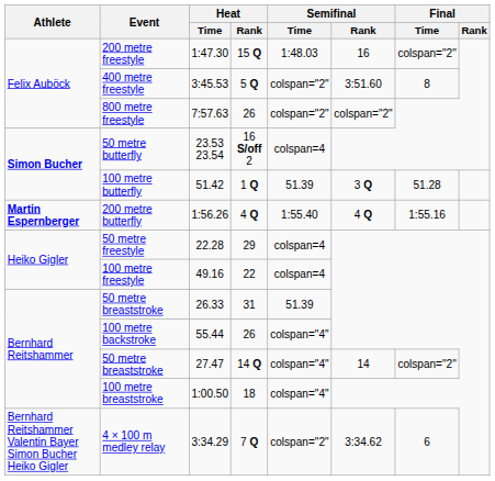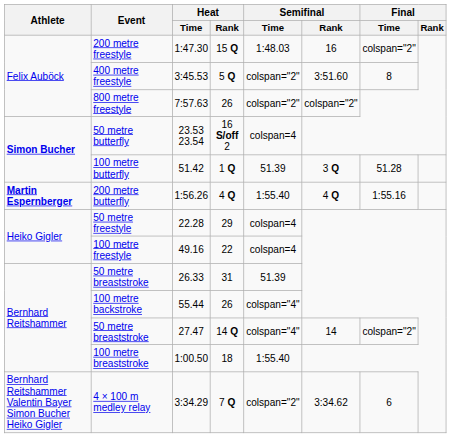 <table class="wikitable" style="text-align:center; font-size:90%; width:50%;">
 <tr>
 <th rowspan="2">Athlete</th>
 <th rowspan="2">Event</th>
 <th colspan="2">Heat</th>
 <th colspan="2">Semifinal</th>
 <th colspan="2">Final</th>
 </tr>
 <tr style="font-size:95%">
 <th>Time</th>
 <th>Rank</th>
 <th>Time</th>
 <th>Rank</th>
 <th>Time</th>
 <th>Rank</th>
 </tr>
 <tr align=center>
 <td align=left rowspan="3"><a href='#'>Felix Auböck</a></td>
 <td align=left><a href='#'>200 metre freestyle</a></td>
 <td>1:47.30</td>
 <td>15 <strong>Q</strong></td>
 <td>1:48.03</td>
 <td>16</td>
 <td>colspan="2" </td>
 </tr>
 <tr align=center>
 <td align=left><a href='#'>400 metre freestyle</a></td>
 <td>3:45.53</td>
 <td>5 <strong>Q</strong></td>
 <td>colspan="2" </td>
 <td>3:51.60</td>
 <td>8</td>
 </tr>
 <tr align=center>
 <td align=left><a href='#'>800 metre freestyle</a></td>
 <td>7:57.63</td>
 <td>26</td>
 <td>colspan="2" </td>
 <td>colspan="2" </td>
 </tr>
 <tr align=center>
 <td align=left rowspan="2"><strong><a href='#'>Simon Bucher</a></strong></td>
 <td align=left><a href='#'>50 metre butterfly</a></td>
 <td>23.53<br>23.54</td>
 <td>16 <strong>S/off</strong><br>2</td>
 <td>colspan=4 </td>
 </tr>
 <tr align=center>
 <td align=left><a href='#'>100 metre butterfly</a></td>
 <td>51.42</td>
 <td>1 <strong>Q</strong></td>
 <td>51.39</td>
 <td>3 <strong>Q</strong></td>
 <td>51.28</td>
 <td></td>
 </tr>
 <tr>
 <td align=left><strong><a href='#'>Martin Espernberger</a></strong></td>
 <td align=left><a href='#'>200 metre butterfly</a></td>
 <td>1:56.26</td>
 <td>4 <strong>Q</strong></td>
 <td>1:55.40</td>
 <td>4 <strong>Q</strong></td>
 <td>1:55.16</td>
 <td></td>
 </tr>
 <tr>
 <td align=left rowspan=2><a href='#'>Heiko Gigler</a></td>
 <td align=left><a href='#'>50 metre freestyle</a></td>
 <td>22.28</td>
 <td>29</td>
 <td>colspan=4 </td>
 </tr>
 <tr>
 <td align=left><a href='#'>100 metre freestyle</a></td>
 <td>49.16</td>
 <td>22</td>
 <td>colspan=4 </td>
 </tr>
 <tr align=center>
 <td align=left rowspan="4"><a href='#'>Bernhard Reitshammer</a></td>
 <td align=left><a href='#'>50 metre breaststroke</a></td>
 <td>26.33</td>
 <td>31</td>
 <td>51.39</td>
 </tr>
 <tr align=center>
 <td align=left><a href='#'>100 metre backstroke</a></td>
 <td>55.44</td>
 <td>26</td>
 <td>colspan="4" </td>
 </tr>
 <tr align=center>
 <td align=left><a href='#'>50 metre breaststroke</a></td>
 <td>27.47</td>
 <td>14 <strong>Q</strong></td>
 <td>colspan="4" </td>
 <td>14</td>
 <td>colspan="2" </td>
 </tr>
 <tr align=center>
 <td align=left><a href='#'>100 metre breaststroke</a></td>
 <td>1:00.50</td>
 <td>18</td>
-<td>colspan="4" </td>
+<td>1:55.40</td>
 </tr>
 <tr>
 <td align=left><a href='#'>Bernhard Reitshammer</a> <br><a href='#'>Valentin Bayer</a> <br><a href='#'>Simon Bucher</a> <br><a href='#'>Heiko Gigler</a></td>
 <td align=left><a href='#'>4 × 100 m medley relay</a></td>
 <td>3:34.29</td>
 <td>7 <strong>Q</strong></td>
 <td>colspan="2" </td>
 <td>3:34.62</td>
 <td>6</td>
 </tr>
 </table>
